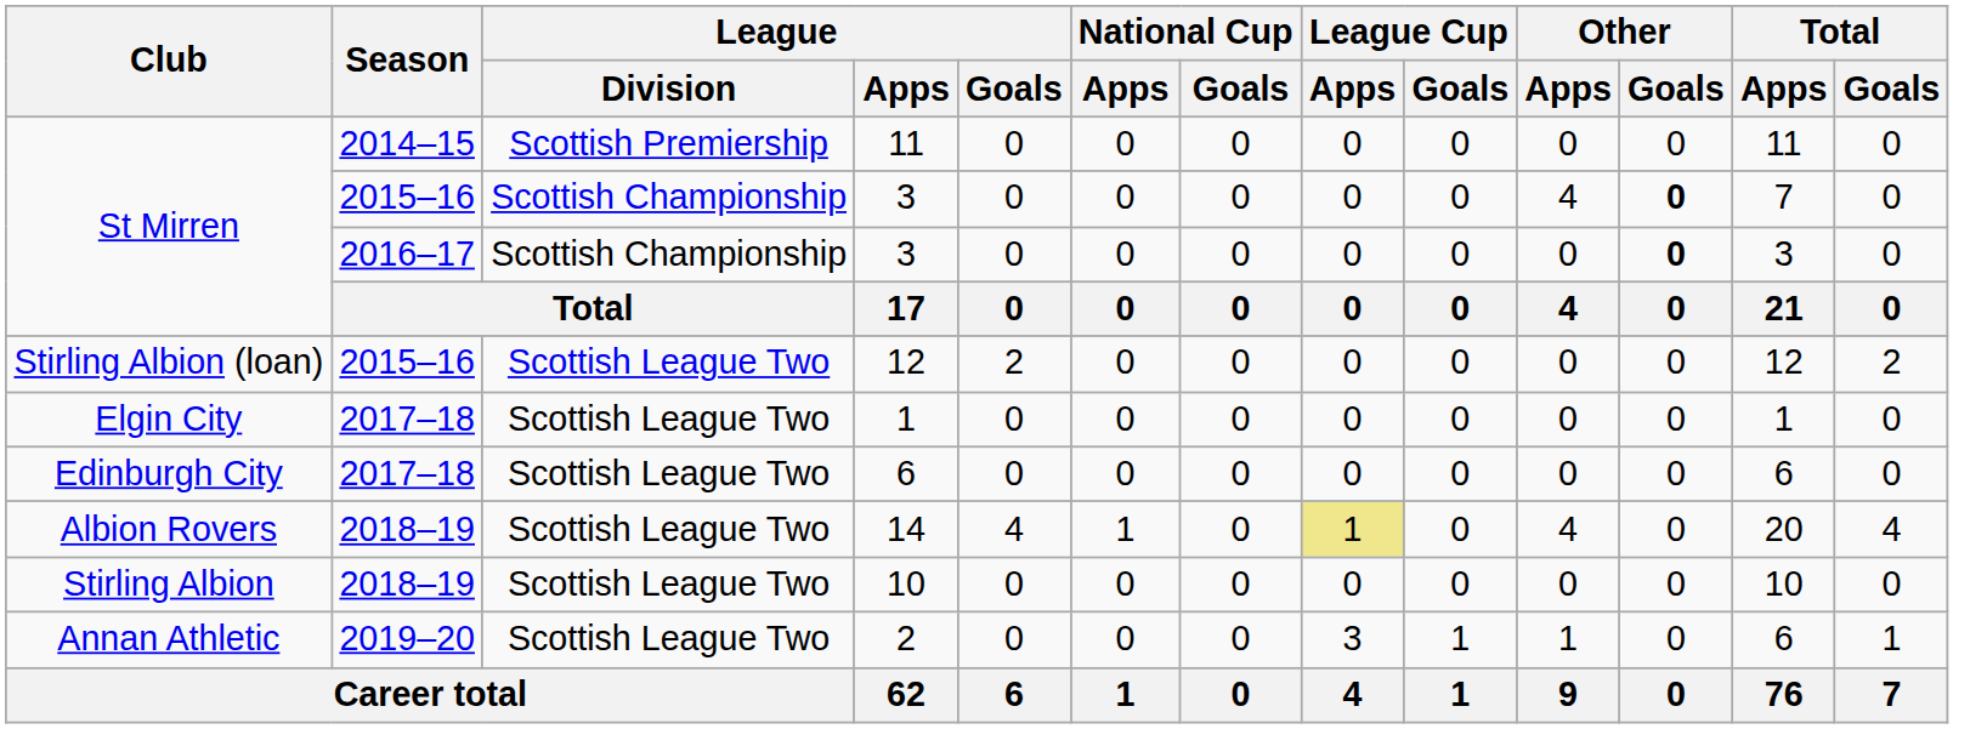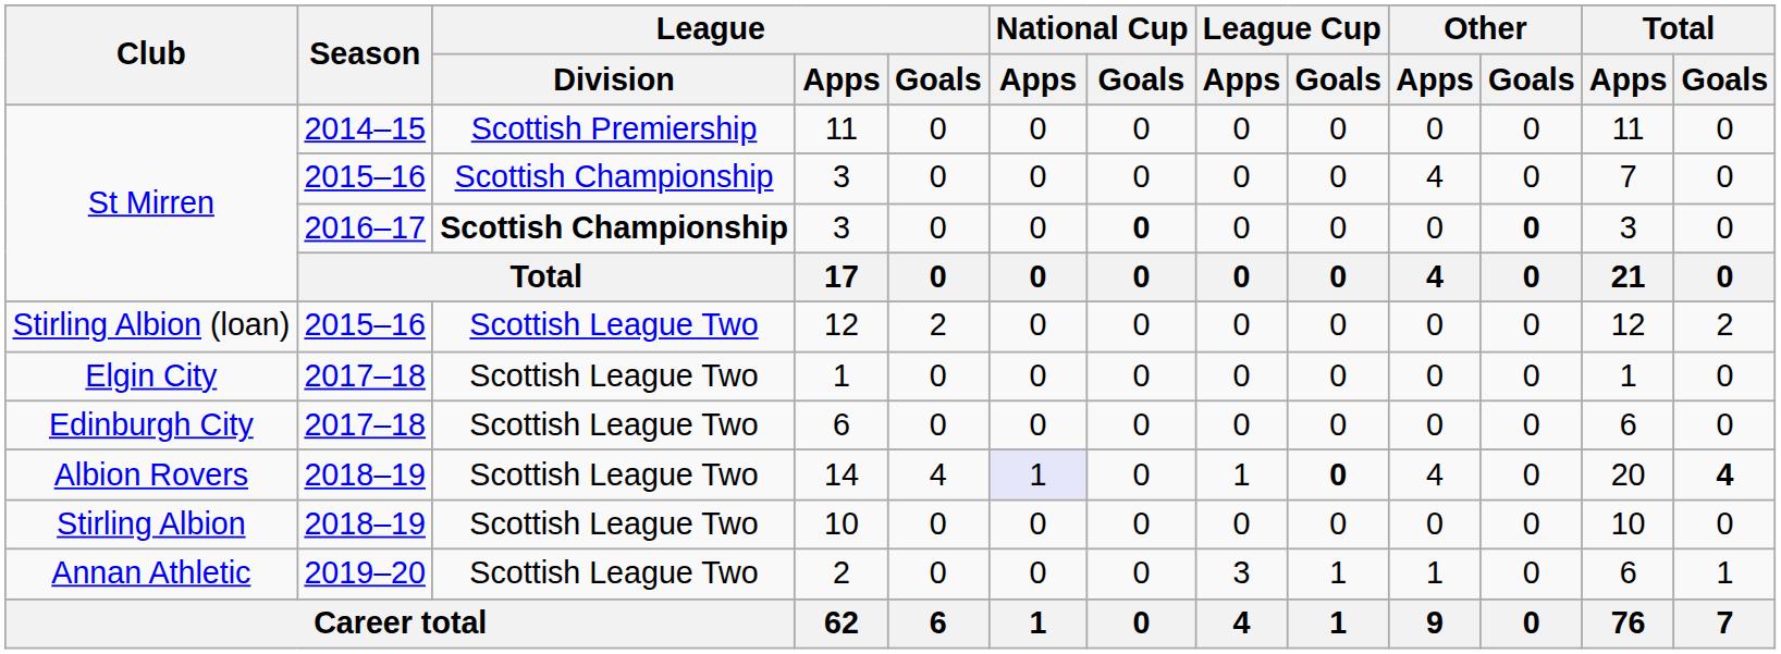 <table class="wikitable" style="text-align: center;">
 <tr>
 <th rowspan="2">Club</th>
 <th rowspan="2">Season</th>
 <th colspan="3">League</th>
 <th colspan="2">National Cup</th>
 <th colspan="2">League Cup</th>
 <th colspan="2">Other</th>
 <th colspan="2">Total</th>
 </tr>
 <tr>
 <th>Division</th>
 <th>Apps</th>
 <th>Goals</th>
 <th>Apps</th>
 <th>Goals</th>
 <th>Apps</th>
 <th>Goals</th>
 <th>Apps</th>
 <th>Goals</th>
 <th>Apps</th>
 <th>Goals</th>
 </tr>
 <tr>
 <td rowspan="4"><a href='#'>St Mirren</a></td>
 <td><a href='#'>2014–15</a></td>
 <td><a href='#'>Scottish Premiership</a></td>
 <td>11</td>
 <td>0</td>
 <td>0</td>
 <td>0</td>
 <td>0</td>
 <td>0</td>
 <td>0</td>
 <td>0</td>
 <td>11</td>
 <td>0</td>
 </tr>
 <tr>
 <td><a href='#'>2015–16</a></td>
 <td><a href='#'>Scottish Championship</a></td>
 <td>3</td>
 <td>0</td>
 <td>0</td>
 <td>0</td>
 <td>0</td>
 <td>0</td>
 <td>4</td>
-<td><strong>0</strong></td>
+<td>0</td>
 <td>7</td>
 <td>0</td>
 </tr>
 <tr>
 <td><a href='#'>2016–17</a></td>
-<td>Scottish Championship</td>
+<td><strong>Scottish Championship</strong></td>
 <td>3</td>
 <td>0</td>
 <td>0</td>
-<td>0</td>
+<td><strong>0</strong></td>
 <td>0</td>
 <td>0</td>
 <td>0</td>
 <td><strong>0</strong></td>
 <td>3</td>
 <td>0</td>
 </tr>
 <tr>
 <th colspan="2">Total</th>
 <th>17</th>
 <th>0</th>
 <th>0</th>
 <th>0</th>
 <th>0</th>
 <th>0</th>
 <th>4</th>
 <th>0</th>
 <th>21</th>
 <th>0</th>
 </tr>
 <tr>
 <td><a href='#'>Stirling Albion</a> (loan)</td>
 <td><a href='#'>2015–16</a></td>
 <td><a href='#'>Scottish League Two</a></td>
 <td>12</td>
 <td>2</td>
 <td>0</td>
 <td>0</td>
 <td>0</td>
 <td>0</td>
 <td>0</td>
 <td>0</td>
 <td>12</td>
 <td>2</td>
 </tr>
 <tr>
 <td><a href='#'>Elgin City</a></td>
 <td><a href='#'>2017–18</a></td>
 <td>Scottish League Two</td>
 <td>1</td>
 <td>0</td>
 <td>0</td>
 <td>0</td>
 <td>0</td>
 <td>0</td>
 <td>0</td>
 <td>0</td>
 <td>1</td>
 <td>0</td>
 </tr>
 <tr>
 <td><a href='#'>Edinburgh City</a></td>
 <td><a href='#'>2017–18</a></td>
 <td>Scottish League Two</td>
 <td>6</td>
 <td>0</td>
 <td>0</td>
 <td>0</td>
 <td>0</td>
 <td>0</td>
 <td>0</td>
 <td>0</td>
 <td>6</td>
 <td>0</td>
 </tr>
 <tr>
 <td><a href='#'>Albion Rovers</a></td>
 <td><a href='#'>2018–19</a></td>
 <td>Scottish League Two</td>
 <td>14</td>
 <td>4</td>
+<td style="background: lavender;">1</td>
+<td>0</td>
 <td>1</td>
-<td>0</td>
-<td style="background: khaki;">1</td>
-<td>0</td>
+<td><strong>0</strong></td>
 <td>4</td>
 <td>0</td>
 <td>20</td>
-<td>4</td>
+<td><strong>4</strong></td>
 </tr>
 <tr>
 <td><a href='#'>Stirling Albion</a></td>
 <td><a href='#'>2018–19</a></td>
 <td>Scottish League Two</td>
 <td>10</td>
 <td>0</td>
 <td>0</td>
 <td>0</td>
 <td>0</td>
 <td>0</td>
 <td>0</td>
 <td>0</td>
 <td>10</td>
 <td>0</td>
 </tr>
 <tr>
 <td><a href='#'>Annan Athletic</a></td>
 <td><a href='#'>2019–20</a></td>
 <td>Scottish League Two</td>
 <td>2</td>
 <td>0</td>
 <td>0</td>
 <td>0</td>
 <td>3</td>
 <td>1</td>
 <td>1</td>
 <td>0</td>
 <td>6</td>
 <td>1</td>
 </tr>
 <tr>
 <th colspan="3">Career total</th>
 <th>62</th>
 <th>6</th>
 <th>1</th>
 <th>0</th>
 <th>4</th>
 <th>1</th>
 <th>9</th>
 <th>0</th>
 <th>76</th>
 <th>7</th>
 </tr>
 </table>
